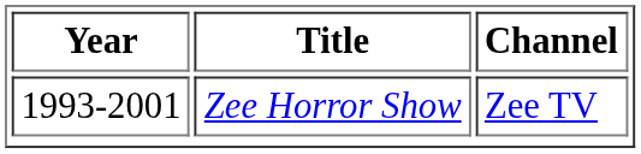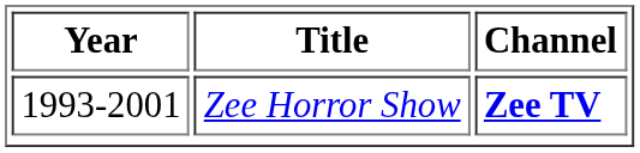 <table border="1" cellpadding="3">
 <tr>
 <th>Year</th>
 <th>Title</th>
 <th>Channel</th>
 </tr>
 <tr>
 <td>1993-2001</td>
 <td><em><a href='#'>Zee Horror Show</a></em></td>
-<td><a href='#'>Zee TV</a></td>
+<td><strong><a href='#'>Zee TV</a></strong></td>
 </tr>
 <tr>
 </tr>
 </table>
